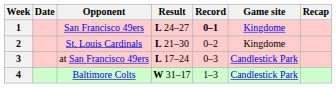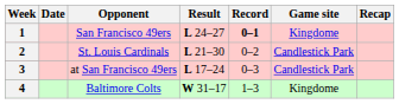 <table class="wikitable" style="text-align:center">
 <tr>
 <th>Week</th>
 <th>Date</th>
 <th>Opponent</th>
 <th>Result</th>
 <th>Record</th>
 <th>Game site</th>
 <th>Recap</th>
 </tr>
 <tr style="background:#fcc">
 <th>1</th>
 <td></td>
 <td><a href='#'>San Francisco 49ers</a></td>
 <td><strong>L</strong> 24–27 </td>
 <td><strong>0–1</strong></td>
 <td><a href='#'>Kingdome</a></td>
 <td></td>
 </tr>
 <tr style="background:#fcc">
 <th>2</th>
 <td></td>
 <td><a href='#'>St. Louis Cardinals</a></td>
 <td><strong>L</strong> 21–30</td>
 <td>0–2</td>
-<td>Kingdome</td>
+<td><a href='#'>Candlestick Park</a></td>
 <td></td>
 </tr>
 <tr style="background:#fcc">
 <th>3</th>
 <td></td>
 <td>at <a href='#'>San Francisco 49ers</a></td>
 <td><strong>L</strong> 17–24</td>
 <td>0–3</td>
 <td><a href='#'>Candlestick Park</a></td>
 <td></td>
 </tr>
 <tr style="background:#cfc">
 <th>4</th>
 <td></td>
 <td><a href='#'>Baltimore Colts</a></td>
 <td><strong>W</strong> 31–17</td>
 <td>1–3</td>
-<td><a href='#'>Candlestick Park</a></td>
+<td>Kingdome</td>
 <td></td>
 </tr>
 </table>
